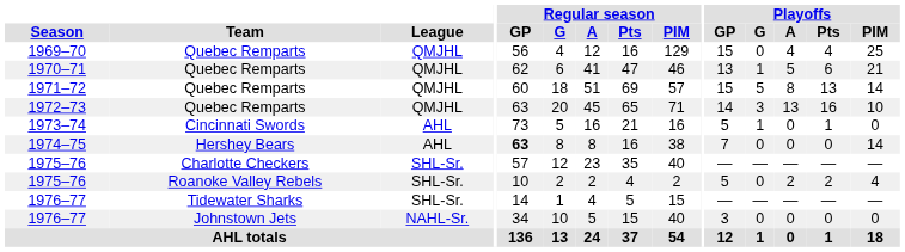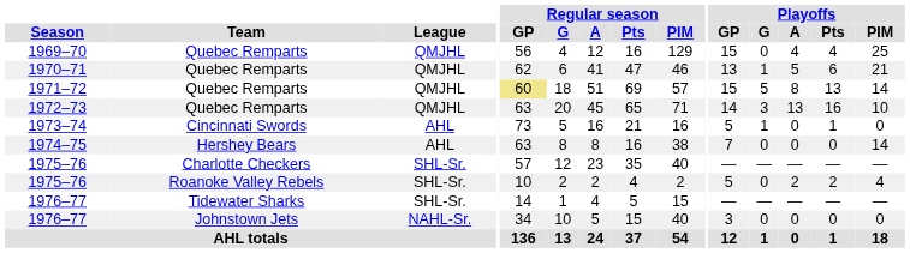 <table border="0" cellpadding="1" cellspacing="0" style="text-align:center; width:60em">
 <tr bgcolor="#e0e0e0">
 <th colspan="3" bgcolor="#ffffff"></th>
 <th rowspan="99" bgcolor="#ffffff"></th>
 <th colspan="5"><a href='#'>Regular season</a></th>
 <th rowspan="99" bgcolor="#ffffff"></th>
 <th colspan="5"><a href='#'>Playoffs</a></th>
 </tr>
 <tr bgcolor="#e0e0e0">
 <th><a href='#'>Season</a></th>
 <th>Team</th>
 <th>League</th>
 <th>GP</th>
 <th><a href='#'>G</a></th>
 <th><a href='#'>A</a></th>
 <th><a href='#'>Pts</a></th>
 <th><a href='#'>PIM</a></th>
 <th>GP</th>
 <th>G</th>
 <th>A</th>
 <th>Pts</th>
 <th>PIM</th>
 </tr>
 <tr>
 <td><a href='#'>1969–70</a></td>
 <td><a href='#'>Quebec Remparts</a></td>
 <td><a href='#'>QMJHL</a></td>
 <td>56</td>
 <td>4</td>
 <td>12</td>
 <td>16</td>
 <td>129</td>
 <td>15</td>
 <td>0</td>
 <td>4</td>
 <td>4</td>
 <td>25</td>
 </tr>
 <tr bgcolor="#f0f0f0">
 <td><a href='#'>1970–71</a></td>
 <td>Quebec Remparts</td>
 <td>QMJHL</td>
 <td>62</td>
 <td>6</td>
 <td>41</td>
 <td>47</td>
 <td>46</td>
 <td>13</td>
 <td>1</td>
 <td>5</td>
 <td>6</td>
 <td>21</td>
 </tr>
 <tr>
 <td><a href='#'>1971–72</a></td>
 <td>Quebec Remparts</td>
 <td>QMJHL</td>
-<td>60</td>
+<td style="background: khaki;">60</td>
 <td>18</td>
 <td>51</td>
 <td>69</td>
 <td>57</td>
 <td>15</td>
 <td>5</td>
 <td>8</td>
 <td>13</td>
 <td>14</td>
 </tr>
 <tr bgcolor="#f0f0f0">
 <td><a href='#'>1972–73</a></td>
 <td>Quebec Remparts</td>
 <td>QMJHL</td>
 <td>63</td>
 <td>20</td>
 <td>45</td>
 <td>65</td>
 <td>71</td>
 <td>14</td>
 <td>3</td>
 <td>13</td>
 <td>16</td>
 <td>10</td>
 </tr>
 <tr>
 <td><a href='#'>1973–74</a></td>
 <td><a href='#'>Cincinnati Swords</a></td>
 <td><a href='#'>AHL</a></td>
 <td>73</td>
 <td>5</td>
 <td>16</td>
 <td>21</td>
 <td>16</td>
 <td>5</td>
 <td>1</td>
 <td>0</td>
 <td>1</td>
 <td>0</td>
 </tr>
 <tr bgcolor="#f0f0f0">
 <td><a href='#'>1974–75</a></td>
 <td><a href='#'>Hershey Bears</a></td>
 <td>AHL</td>
-<td><strong>63</strong></td>
+<td>63</td>
 <td>8</td>
 <td>8</td>
 <td>16</td>
 <td>38</td>
 <td>7</td>
 <td>0</td>
 <td>0</td>
 <td>0</td>
 <td>14</td>
 </tr>
 <tr>
 <td><a href='#'>1975–76</a></td>
 <td><a href='#'>Charlotte Checkers</a></td>
 <td><a href='#'>SHL-Sr.</a></td>
 <td>57</td>
 <td>12</td>
 <td>23</td>
 <td>35</td>
 <td>40</td>
 <td>—</td>
 <td>—</td>
 <td>—</td>
 <td>—</td>
 <td>—</td>
 </tr>
 <tr bgcolor="#f0f0f0">
 <td><a href='#'>1975–76</a></td>
 <td><a href='#'>Roanoke Valley Rebels</a></td>
 <td>SHL-Sr.</td>
 <td>10</td>
 <td>2</td>
 <td>2</td>
 <td>4</td>
 <td>2</td>
 <td>5</td>
 <td>0</td>
 <td>2</td>
 <td>2</td>
 <td>4</td>
 </tr>
 <tr>
 <td><a href='#'>1976–77</a></td>
 <td><a href='#'>Tidewater Sharks</a></td>
 <td>SHL-Sr.</td>
 <td>14</td>
 <td>1</td>
 <td>4</td>
 <td>5</td>
 <td>15</td>
 <td>—</td>
 <td>—</td>
 <td>—</td>
 <td>—</td>
 <td>—</td>
 </tr>
 <tr bgcolor="#f0f0f0">
 <td><a href='#'>1976–77</a></td>
 <td><a href='#'>Johnstown Jets</a></td>
 <td><a href='#'>NAHL-Sr.</a></td>
 <td>34</td>
 <td>10</td>
 <td>5</td>
 <td>15</td>
 <td>40</td>
 <td>3</td>
 <td>0</td>
 <td>0</td>
 <td>0</td>
 <td>0</td>
 </tr>
 <tr>
 </tr>
 <tr ALIGN="center" bgcolor="#e0e0e0">
 <th colspan="3">AHL totals</th>
 <th ALIGN="center">136</th>
 <th ALIGN="center">13</th>
 <th ALIGN="center">24</th>
 <th ALIGN="center">37</th>
 <th ALIGN="center">54</th>
 <th ALIGN="center">12</th>
 <th ALIGN="center">1</th>
 <th ALIGN="center">0</th>
 <th ALIGN="center">1</th>
 <th ALIGN="center">18</th>
 </tr>
 </table>
